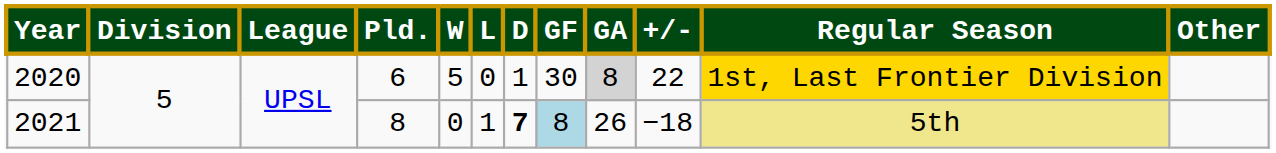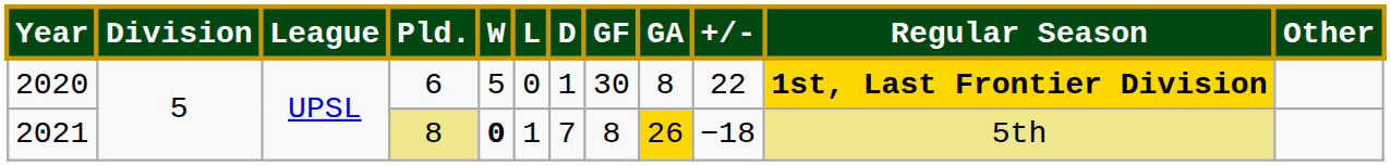 <table class="wikitable" style="text-align:center">
 <tr style="color:#FFFFFF;">
 <th style="background:#004812; border:2px solid #CB9700;">Year</th>
 <th style="background:#004812; border:2px solid #CB9700;">Division</th>
 <th style="background:#004812; border:2px solid #CB9700;">League</th>
 <th style="background:#004812; border:2px solid #CB9700;">Pld.</th>
 <th style="background:#004812; border:2px solid #CB9700;">W</th>
 <th style="background:#004812; border:2px solid #CB9700;">L</th>
 <th style="background:#004812; border:2px solid #CB9700;">D</th>
 <th style="background:#004812; border:2px solid #CB9700;">GF</th>
 <th style="background:#004812; border:2px solid #CB9700;">GA</th>
 <th style="background:#004812; border:2px solid #CB9700;">+/-</th>
 <th style="background:#004812; border:2px solid #CB9700;">Regular Season</th>
 <th style="background:#004812; border:2px solid #CB9700;">Other</th>
 </tr>
 <tr>
 <td>2020</td>
 <td rowspan=2>5</td>
 <td rowspan=2><a href='#'>UPSL</a></td>
 <td>6</td>
 <td>5</td>
 <td>0</td>
 <td>1</td>
 <td>30</td>
-<td style="background: lightgrey;">8</td>
+<td>8</td>
 <td>22</td>
-<td style="background:#FFD700;">1st, Last Frontier Division</td>
+<td style="background:#FFD700;"><strong>1st, Last Frontier Division</strong></td>
 <td></td>
 </tr>
 <tr>
 <td>2021</td>
+<td style="background: khaki;">8</td>
+<td><strong>0</strong></td>
+<td>1</td>
+<td>7</td>
 <td>8</td>
-<td>0</td>
-<td>1</td>
-<td><strong>7</strong></td>
-<td style="background: lightblue;">8</td>
-<td>26</td>
+<td style="background: gold;">26</td>
 <td>−18</td>
 <td style="background: khaki;">5th</td>
 <td></td>
 </tr>
 </table>
